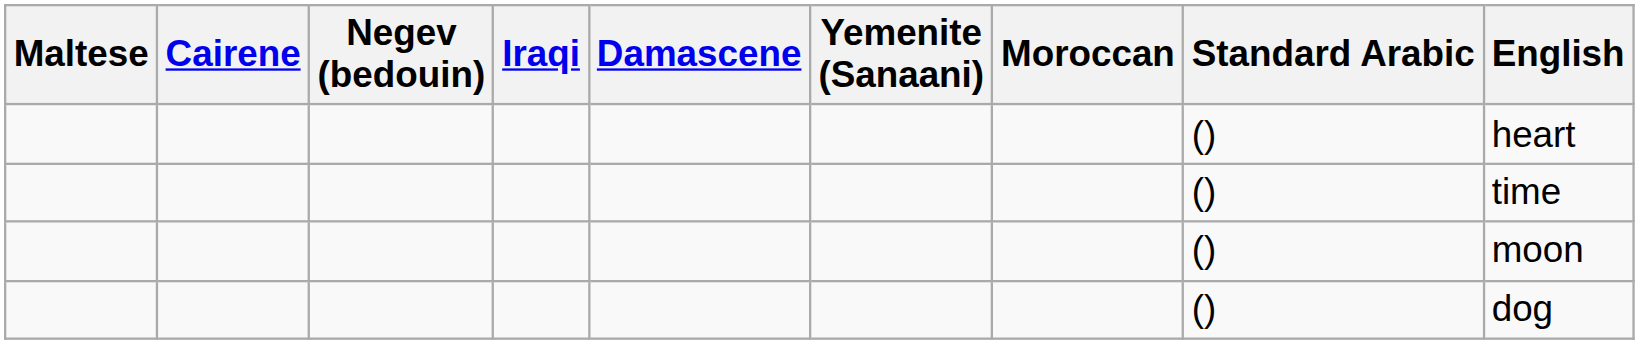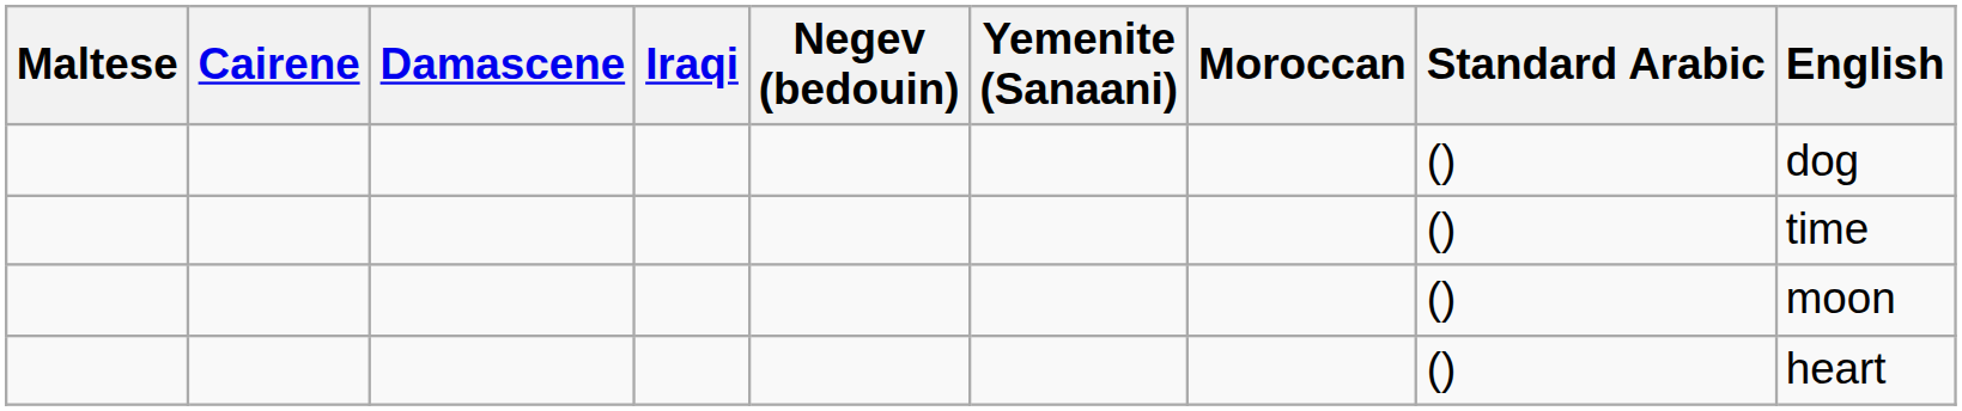 <table class="wikitable">
 <tr>
 <th>Maltese</th>
 <th><a href='#'>Cairene</a></th>
+<th><a href='#'>Damascene</a></th>
+<th><a href='#'>Iraqi</a></th>
 <th>Negev<br>(bedouin)</th>
-<th><a href='#'>Iraqi</a></th>
-<th><a href='#'>Damascene</a></th>
 <th>Yemenite<br>(Sanaani)</th>
 <th>Moroccan</th>
 <th>Standard Arabic</th>
 <th>English</th>
 </tr>
 <tr>
 <td> </td>
 <td></td>
 <td></td>
 <td></td>
 <td></td>
 <td></td>
 <td></td>
 <td> () </td>
-<td>heart</td>
+<td>dog</td>
 </tr>
 <tr>
 <td> </td>
 <td></td>
 <td></td>
 <td></td>
 <td></td>
 <td></td>
 <td></td>
 <td> () </td>
 <td>time</td>
 </tr>
 <tr>
 <td> </td>
 <td></td>
 <td></td>
 <td></td>
 <td></td>
 <td></td>
 <td></td>
 <td> () </td>
 <td>moon</td>
 </tr>
 <tr>
 <td> </td>
 <td></td>
 <td></td>
 <td></td>
 <td></td>
 <td></td>
 <td></td>
 <td> () </td>
-<td>dog</td>
+<td>heart</td>
 </tr>
 </table>
